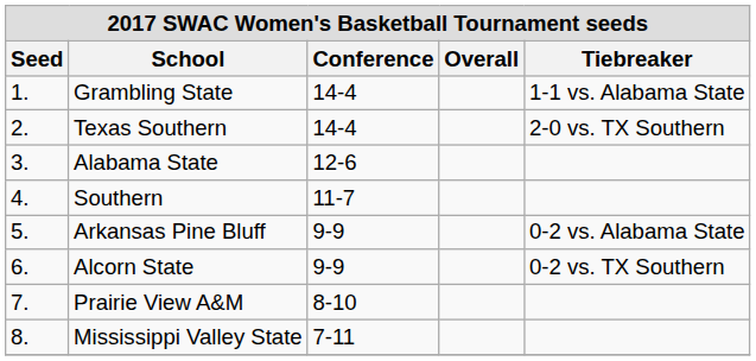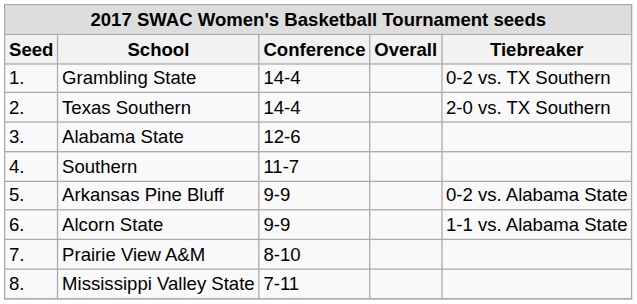 <table class="wikitable" style="white-space:nowrap; font-size:90%;">
 <tr>
 <td colspan="7" style="text-align:center; background:#DDDDDD; font:#000000"><strong>2017 SWAC Women's Basketball Tournament seeds</strong></td>
 </tr>
 <tr bgcolor="#efefef">
 <th>Seed</th>
 <th>School</th>
 <th>Conference</th>
 <th>Overall</th>
 <th>Tiebreaker</th>
 </tr>
 <tr>
 <td>1.</td>
 <td>Grambling State</td>
 <td>14-4</td>
 <td></td>
-<td>1-1 vs. Alabama State</td>
+<td>0-2 vs. TX Southern</td>
 </tr>
 <tr>
 <td>2.</td>
 <td>Texas Southern</td>
 <td>14-4</td>
 <td></td>
 <td>2-0 vs. TX Southern</td>
 </tr>
 <tr>
 <td>3.</td>
 <td>Alabama State</td>
 <td>12-6</td>
 <td></td>
 <td></td>
 </tr>
 <tr>
 <td>4.</td>
 <td>Southern</td>
 <td>11-7</td>
 <td></td>
 <td></td>
 </tr>
 <tr>
 <td>5.</td>
 <td>Arkansas Pine Bluff</td>
 <td>9-9</td>
 <td></td>
 <td>0-2 vs. Alabama State</td>
 </tr>
 <tr>
 <td>6.</td>
 <td>Alcorn State</td>
 <td>9-9</td>
 <td></td>
-<td>0-2 vs. TX Southern</td>
+<td>1-1 vs. Alabama State</td>
 </tr>
 <tr>
 <td>7.</td>
 <td>Prairie View A&M</td>
 <td>8-10</td>
 <td></td>
 <td></td>
 </tr>
 <tr>
 <td>8.</td>
 <td>Mississippi Valley State</td>
 <td>7-11</td>
 <td></td>
 <td></td>
 </tr>
 <tr>
 </tr>
 </table>
